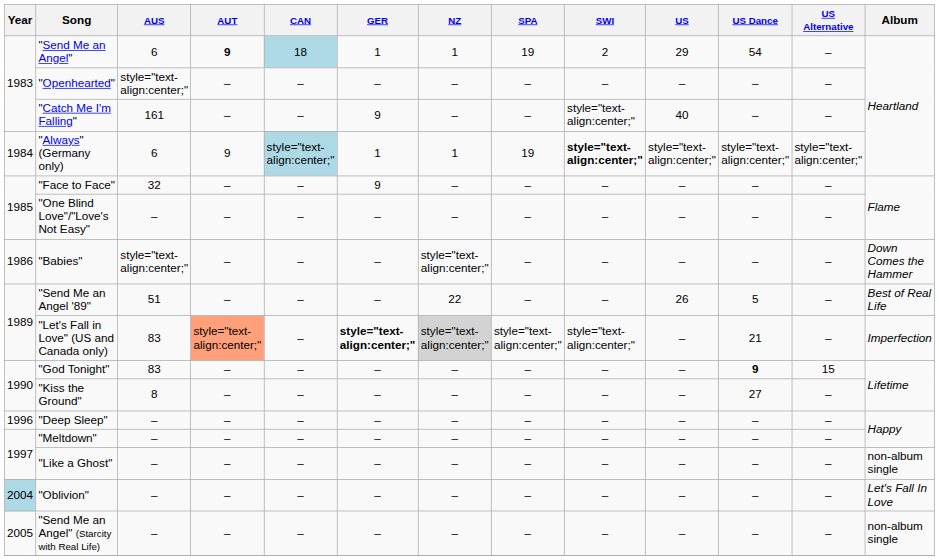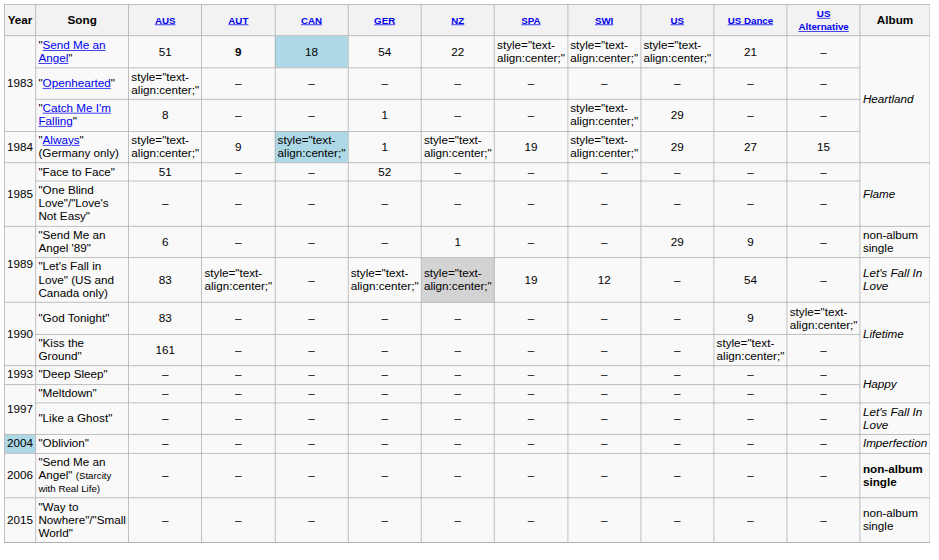 <table class="wikitable">
 <tr>
 <th>Year</th>
 <th>Song</th>
 <th width="40"><small><a href='#'>AUS</a></small><br></th>
 <th width="40"><small><a href='#'>AUT</a></small><br></th>
 <th width="40"><small><a href='#'>CAN</a></small><br></th>
 <th width="40"><small><a href='#'>GER</a></small><br></th>
 <th width="40"><small><a href='#'>NZ</a></small><br></th>
 <th width="40"><small><a href='#'>SPA</a></small></th>
 <th width="40"><small><a href='#'>SWI</a></small><br></th>
 <th width="40"><small><a href='#'>US</a></small><br></th>
 <th width="40"><small><a href='#'>US Dance</a></small><br></th>
 <th width="40"><small><a href='#'>US<br>Alternative</a></small><br></th>
 <th>Album</th>
 </tr>
 <tr>
 <td rowspan="3">1983</td>
 <td>"<a href='#'>Send Me an Angel</a>"</td>
-<td style="text-align:center;">6</td>
+<td style="text-align:center;">51</td>
 <td style="text-align:center;"><strong>9</strong></td>
 <td style="background: lightblue; text-align:center;">18</td>
-<td style="text-align:center;">1</td>
-<td style="text-align:center;">1</td>
-<td style="text-align:center;">19</td>
-<td style="text-align:center;">2</td>
-<td style="text-align:center;">29</td>
 <td style="text-align:center;">54</td>
+<td style="text-align:center;">22</td>
+<td>style="text-align:center;"</td>
+<td>style="text-align:center;" </td>
+<td>style="text-align:center;" </td>
+<td style="text-align:center;">21</td>
 <td style="text-align:center;">–</td>
 <td rowspan="4"><em>Heartland</em></td>
 </tr>
 <tr>
 <td>"<a href='#'>Openhearted</a>"</td>
 <td>style="text-align:center;" </td>
 <td style="text-align:center;">–</td>
 <td style="text-align:center;">–</td>
 <td style="text-align:center;">–</td>
 <td style="text-align:center;">–</td>
 <td style="text-align:center;">–</td>
 <td style="text-align:center;">–</td>
 <td style="text-align:center;">–</td>
 <td style="text-align:center;">–</td>
 <td style="text-align:center;">–</td>
 </tr>
 <tr>
 <td>"<a href='#'>Catch Me I'm Falling</a>"</td>
-<td style="text-align:center;">161</td>
+<td style="text-align:center;">8</td>
 <td style="text-align:center;">–</td>
 <td style="text-align:center;">–</td>
-<td style="text-align:center;">9</td>
+<td style="text-align:center;">1</td>
 <td style="text-align:center;">–</td>
 <td style="text-align:center;">–</td>
 <td>style="text-align:center;" </td>
-<td style="text-align:center;">40</td>
+<td style="text-align:center;">29</td>
 <td style="text-align:center;">–</td>
 <td style="text-align:center;">–</td>
 </tr>
 <tr>
 <td>1984</td>
 <td>"<a href='#'>Always</a>" (Germany only)</td>
-<td style="text-align:center;">6</td>
+<td>style="text-align:center;" </td>
 <td style="text-align:center;">9</td>
 <td style="background: lightblue;">style="text-align:center;" </td>
 <td style="text-align:center;">1</td>
-<td style="text-align:center;">1</td>
+<td>style="text-align:center;" </td>
 <td style="text-align:center;">19</td>
-<td><strong>style="text-align:center;" </strong></td>
 <td>style="text-align:center;" </td>
-<td>style="text-align:center;" </td>
-<td>style="text-align:center;" </td>
+<td style="text-align:center;">29</td>
+<td style="text-align:center;">27</td>
+<td style="text-align:center;">15</td>
 </tr>
 <tr>
 <td rowspan="2">1985</td>
 <td>"Face to Face"</td>
-<td style="text-align:center;">32</td>
+<td style="text-align:center;">51</td>
 <td style="text-align:center;">–</td>
 <td style="text-align:center;">–</td>
-<td style="text-align:center;">9</td>
+<td style="text-align:center;">52</td>
 <td style="text-align:center;">–</td>
 <td style="text-align:center;">–</td>
 <td style="text-align:center;">–</td>
 <td style="text-align:center;">–</td>
 <td style="text-align:center;">–</td>
 <td style="text-align:center;">–</td>
 <td rowspan="2"><em>Flame</em></td>
 </tr>
 <tr>
 <td>"One Blind Love"/"Love's Not Easy"</td>
 <td style="text-align:center;">–</td>
 <td style="text-align:center;">–</td>
 <td style="text-align:center;">–</td>
 <td style="text-align:center;">–</td>
 <td style="text-align:center;">–</td>
 <td style="text-align:center;">–</td>
 <td style="text-align:center;">–</td>
 <td style="text-align:center;">–</td>
 <td style="text-align:center;">–</td>
 <td style="text-align:center;">–</td>
 </tr>
 <tr>
-<td rowspan="1">1986</td>
-<td>"Babies"</td>
-<td>style="text-align:center;" </td>
+<td rowspan="2">1989</td>
+<td>"Send Me an Angel '89"</td>
+<td style="text-align:center;">6</td>
 <td style="text-align:center;">–</td>
 <td style="text-align:center;">–</td>
 <td style="text-align:center;">–</td>
-<td>style="text-align:center;" </td>
+<td style="text-align:center;">1</td>
 <td style="text-align:center;">–</td>
 <td style="text-align:center;">–</td>
+<td style="text-align:center;">29</td>
+<td style="text-align:center;">9</td>
 <td style="text-align:center;">–</td>
-<td style="text-align:center;">–</td>
-<td style="text-align:center;">–</td>
-<td rowspan="1"><em>Down Comes the Hammer</em></td>
-</tr>
-<tr>
-<td rowspan="2">1989</td>
-<td>"Send Me an Angel '89"</td>
-<td style="text-align:center;">51</td>
-<td style="text-align:center;">–</td>
-<td style="text-align:center;">–</td>
-<td style="text-align:center;">–</td>
-<td style="text-align:center;">22</td>
-<td style="text-align:center;">–</td>
-<td style="text-align:center;">–</td>
-<td style="text-align:center;">26</td>
-<td style="text-align:center;">5</td>
-<td style="text-align:center;">–</td>
-<td><em>Best of Real Life</em></td>
+<td>non-album single</td>
 </tr>
 <tr>
 <td>"Let's Fall in Love" (US and Canada only)</td>
 <td style="text-align:center;">83</td>
-<td style="background: lightsalmon;">style="text-align:center;"</td>
-<td style="text-align:center;">–</td>
-<td><strong>style="text-align:center;"</strong></td>
-<td style="background: lightgrey;">style="text-align:center;"</td>
-<td>style="text-align:center;"</td>
 <td>style="text-align:center;"</td>
 <td style="text-align:center;">–</td>
-<td style="text-align:center;">21</td>
+<td>style="text-align:center;"</td>
+<td style="background: lightgrey;">style="text-align:center;"</td>
+<td style="text-align:center;">19</td>
+<td style="text-align:center;">12</td>
 <td style="text-align:center;">–</td>
-<td><em>Imperfection</em></td>
+<td style="text-align:center;">54</td>
+<td style="text-align:center;">–</td>
+<td><em>Let's Fall In Love</em></td>
 </tr>
 <tr>
 <td rowspan="2">1990</td>
 <td>"God Tonight"</td>
 <td style="text-align:center;">83</td>
 <td style="text-align:center;">–</td>
 <td style="text-align:center;">–</td>
 <td style="text-align:center;">–</td>
 <td style="text-align:center;">–</td>
 <td style="text-align:center;">–</td>
 <td style="text-align:center;">–</td>
 <td style="text-align:center;">–</td>
-<td style="text-align:center;"><strong>9</strong></td>
-<td style="text-align:center;">15</td>
+<td style="text-align:center;">9</td>
+<td>style="text-align:center;" </td>
 <td rowspan="2"><em>Lifetime</em></td>
 </tr>
 <tr>
 <td>"Kiss the Ground"</td>
-<td style="text-align:center;">8</td>
+<td style="text-align:center;">161</td>
 <td style="text-align:center;">–</td>
 <td style="text-align:center;">–</td>
 <td style="text-align:center;">–</td>
 <td style="text-align:center;">–</td>
 <td style="text-align:center;">–</td>
 <td style="text-align:center;">–</td>
 <td style="text-align:center;">–</td>
-<td style="text-align:center;">27</td>
+<td>style="text-align:center;" </td>
 <td style="text-align:center;">–</td>
 </tr>
 <tr>
-<td>1996</td>
+<td>1993</td>
 <td>"Deep Sleep"</td>
 <td style="text-align:center;">–</td>
 <td style="text-align:center;">–</td>
 <td style="text-align:center;">–</td>
 <td style="text-align:center;">–</td>
 <td style="text-align:center;">–</td>
 <td style="text-align:center;">–</td>
 <td style="text-align:center;">–</td>
 <td style="text-align:center;">–</td>
 <td style="text-align:center;">–</td>
 <td style="text-align:center;">–</td>
 <td rowspan="2"><em>Happy</em></td>
 </tr>
 <tr>
 <td rowspan="2">1997</td>
 <td>"Meltdown"</td>
 <td style="text-align:center;">–</td>
 <td style="text-align:center;">–</td>
 <td style="text-align:center;">–</td>
 <td style="text-align:center;">–</td>
 <td style="text-align:center;">–</td>
 <td style="text-align:center;">–</td>
 <td style="text-align:center;">–</td>
 <td style="text-align:center;">–</td>
 <td style="text-align:center;">–</td>
 <td style="text-align:center;">–</td>
 </tr>
 <tr>
 <td>"Like a Ghost"</td>
 <td style="text-align:center;">–</td>
 <td style="text-align:center;">–</td>
 <td style="text-align:center;">–</td>
 <td style="text-align:center;">–</td>
 <td style="text-align:center;">–</td>
 <td style="text-align:center;">–</td>
 <td style="text-align:center;">–</td>
 <td style="text-align:center;">–</td>
 <td style="text-align:center;">–</td>
 <td style="text-align:center;">–</td>
-<td>non-album single</td>
+<td><em>Let's Fall In Love</em></td>
 </tr>
 <tr>
 <td style="background: lightblue;">2004</td>
 <td>"Oblivion"</td>
 <td style="text-align:center;">–</td>
 <td style="text-align:center;">–</td>
 <td style="text-align:center;">–</td>
 <td style="text-align:center;">–</td>
 <td style="text-align:center;">–</td>
 <td style="text-align:center;">–</td>
 <td style="text-align:center;">–</td>
 <td style="text-align:center;">–</td>
 <td style="text-align:center;">–</td>
 <td style="text-align:center;">–</td>
-<td><em>Let's Fall In Love</em></td>
+<td><em>Imperfection</em></td>
 </tr>
 <tr>
-<td>2005</td>
+<td>2006</td>
 <td>"Send Me an Angel" <small>(Starcity with Real Life)</small></td>
+<td style="text-align:center;">–</td>
+<td style="text-align:center;">–</td>
+<td style="text-align:center;">–</td>
+<td style="text-align:center;">–</td>
+<td style="text-align:center;">–</td>
+<td style="text-align:center;">–</td>
+<td style="text-align:center;">–</td>
+<td style="text-align:center;">–</td>
+<td style="text-align:center;">–</td>
+<td style="text-align:center;">–</td>
+<td><strong>non-album single</strong></td>
+</tr>
+<tr>
+<td>2015</td>
+<td>"Way to Nowhere"/"Small World"</td>
 <td style="text-align:center;">–</td>
 <td style="text-align:center;">–</td>
 <td style="text-align:center;">–</td>
 <td style="text-align:center;">–</td>
 <td style="text-align:center;">–</td>
 <td style="text-align:center;">–</td>
 <td style="text-align:center;">–</td>
 <td style="text-align:center;">–</td>
 <td style="text-align:center;">–</td>
 <td style="text-align:center;">–</td>
 <td>non-album single</td>
 </tr>
 <tr>
 </tr>
 </table>
